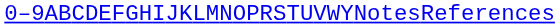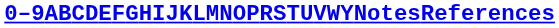 <table id="toc" class="toc" summary="Class" align="center" style="text-align:center;">
 <tr>
 <th></th>
 </tr>
 <tr>
-<td><a href='#'>0–9</a><a href='#'>A</a><a href='#'>B</a><a href='#'>C</a><a href='#'>D</a><a href='#'>E</a><a href='#'>F</a><a href='#'>G</a><a href='#'>H</a><a href='#'>I</a><a href='#'>J</a><a href='#'>K</a><a href='#'>L</a><a href='#'>M</a><a href='#'>N</a><a href='#'>O</a><a href='#'>P</a><a href='#'>R</a><a href='#'>S</a><a href='#'>T</a><a href='#'>U</a><a href='#'>V</a><a href='#'>W</a><a href='#'>Y</a><a href='#'>Notes</a><a href='#'>References</a></td>
+<td><strong><a href='#'>0–9</a><a href='#'>A</a><a href='#'>B</a><a href='#'>C</a><a href='#'>D</a><a href='#'>E</a><a href='#'>F</a><a href='#'>G</a><a href='#'>H</a><a href='#'>I</a><a href='#'>J</a><a href='#'>K</a><a href='#'>L</a><a href='#'>M</a><a href='#'>N</a><a href='#'>O</a><a href='#'>P</a><a href='#'>R</a><a href='#'>S</a><a href='#'>T</a><a href='#'>U</a><a href='#'>V</a><a href='#'>W</a><a href='#'>Y</a><a href='#'>Notes</a><a href='#'>References</a></strong></td>
 </tr>
 </table>
